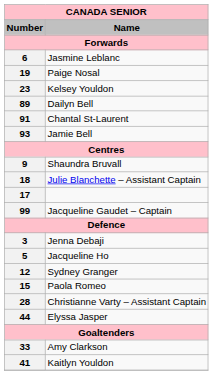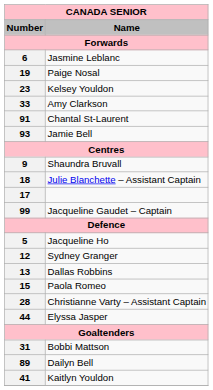 <table class="wikitable" style="text-align:left; font-size:90%;">
 <tr>
 <th style=background:pink colspan=2>CANADA SENIOR</th>
 </tr>
 <tr>
 <th width=10 style="background:silver;">Number</th>
 <th style="background:silver;">Name</th>
 </tr>
 <tr>
 <th style=background:pink colspan=2>Forwards</th>
 </tr>
 <tr>
 <th>6</th>
 <td>Jasmine Leblanc</td>
 </tr>
 <tr>
 <th>19</th>
 <td>Paige Nosal</td>
 </tr>
 <tr>
 <th>23</th>
 <td>Kelsey Youldon</td>
 </tr>
 <tr>
-<th>89</th>
-<td>Dailyn Bell</td>
+<th>33</th>
+<td>Amy Clarkson</td>
 </tr>
 <tr>
 <th>91</th>
 <td>Chantal St-Laurent</td>
 </tr>
 <tr>
 <th>93</th>
 <td>Jamie Bell</td>
 </tr>
 <tr>
 <th style=background:pink colspan=2>Centres</th>
 </tr>
 <tr>
 <th>9</th>
 <td>Shaundra Bruvall</td>
 </tr>
 <tr>
 <th>18</th>
 <td><a href='#'>Julie Blanchette</a> – Assistant Captain</td>
 </tr>
 <tr>
 <th>17</th>
 <td></td>
 </tr>
 <tr>
 <th>99</th>
 <td>Jacqueline Gaudet – Captain</td>
 </tr>
 <tr>
 <th style=background:pink colspan=2>Defence</th>
 </tr>
 <tr>
-<th>3</th>
-<td>Jenna Debaji</td>
-</tr>
-<tr>
 <th>5</th>
 <td>Jacqueline Ho</td>
 </tr>
 <tr>
 <th>12</th>
 <td>Sydney Granger</td>
+</tr>
+<tr>
+<th>13</th>
+<td>Dallas Robbins</td>
 </tr>
 <tr>
 <th>15</th>
 <td>Paola Romeo</td>
 </tr>
 <tr>
 <th>28</th>
 <td>Christianne Varty – Assistant Captain</td>
 </tr>
 <tr>
 <th>44</th>
 <td>Elyssa Jasper</td>
 </tr>
 <tr>
 <th style=background:pink colspan=2>Goaltenders</th>
 </tr>
 <tr>
-<th>33</th>
-<td>Amy Clarkson</td>
+<th>31</th>
+<td>Bobbi Mattson</td>
+</tr>
+<tr>
+<th>89</th>
+<td>Dailyn Bell</td>
 </tr>
 <tr>
 <th>41</th>
 <td>Kaitlyn Youldon</td>
 </tr>
 <tr>
 </tr>
 </table>
